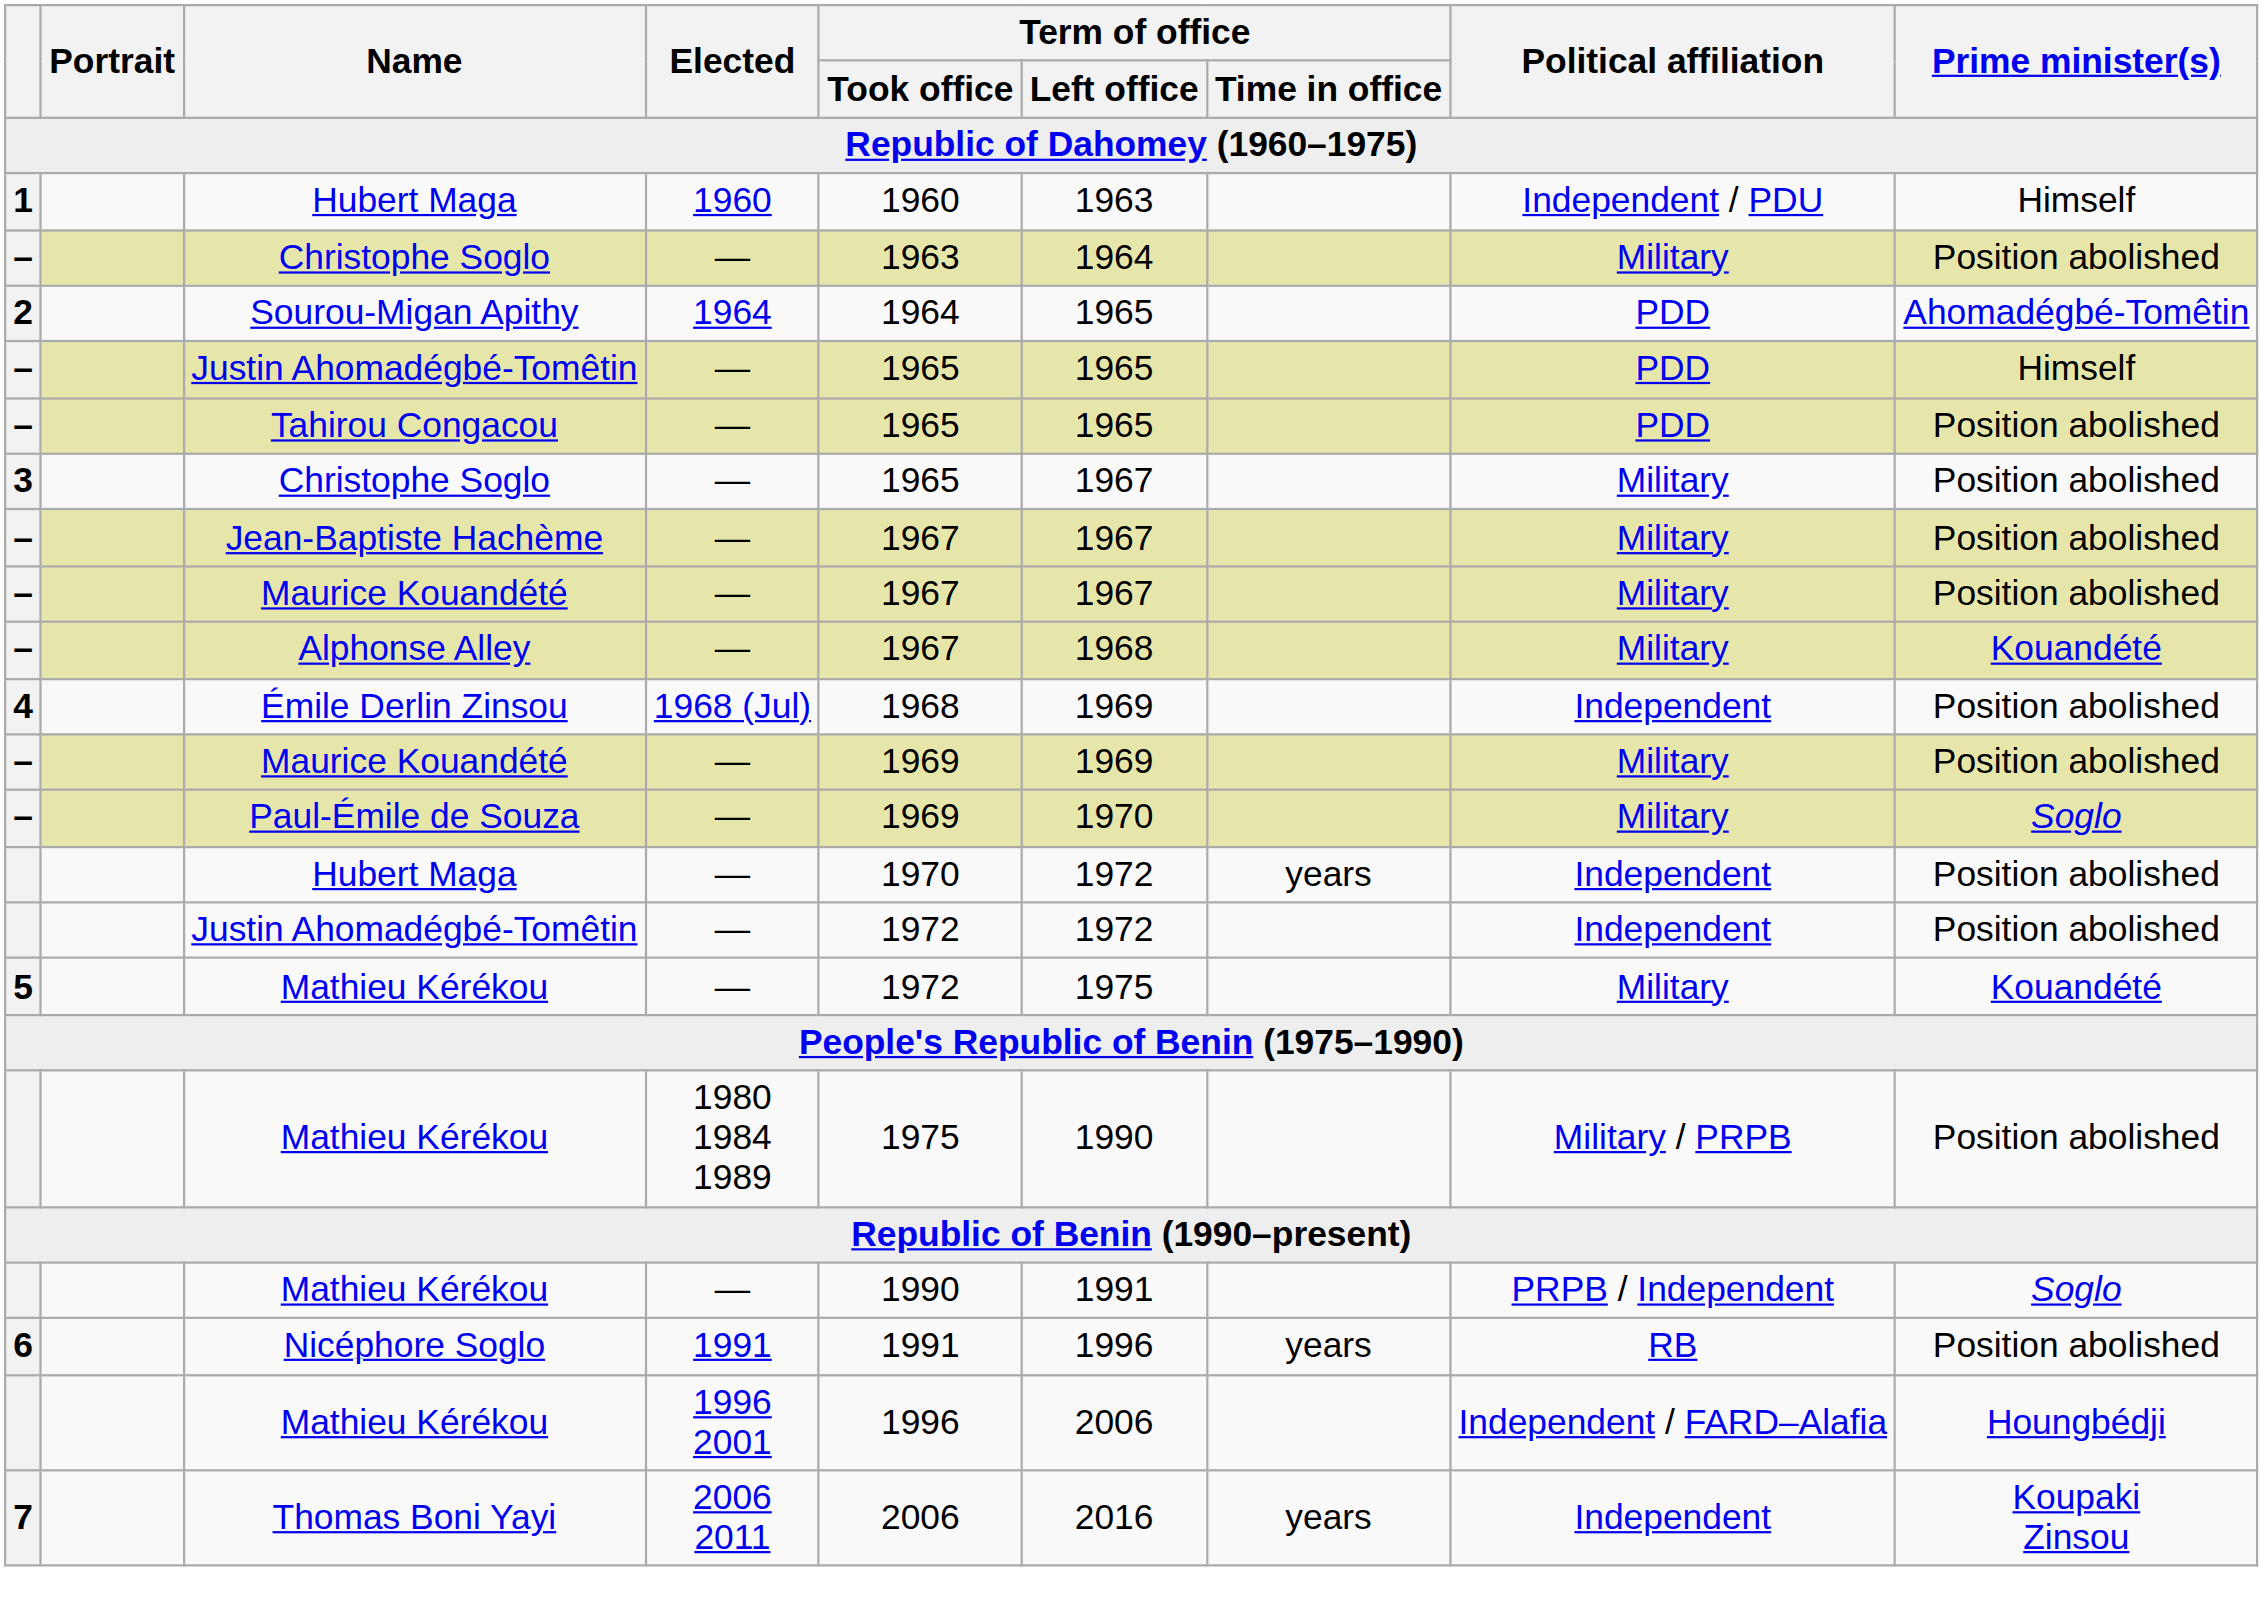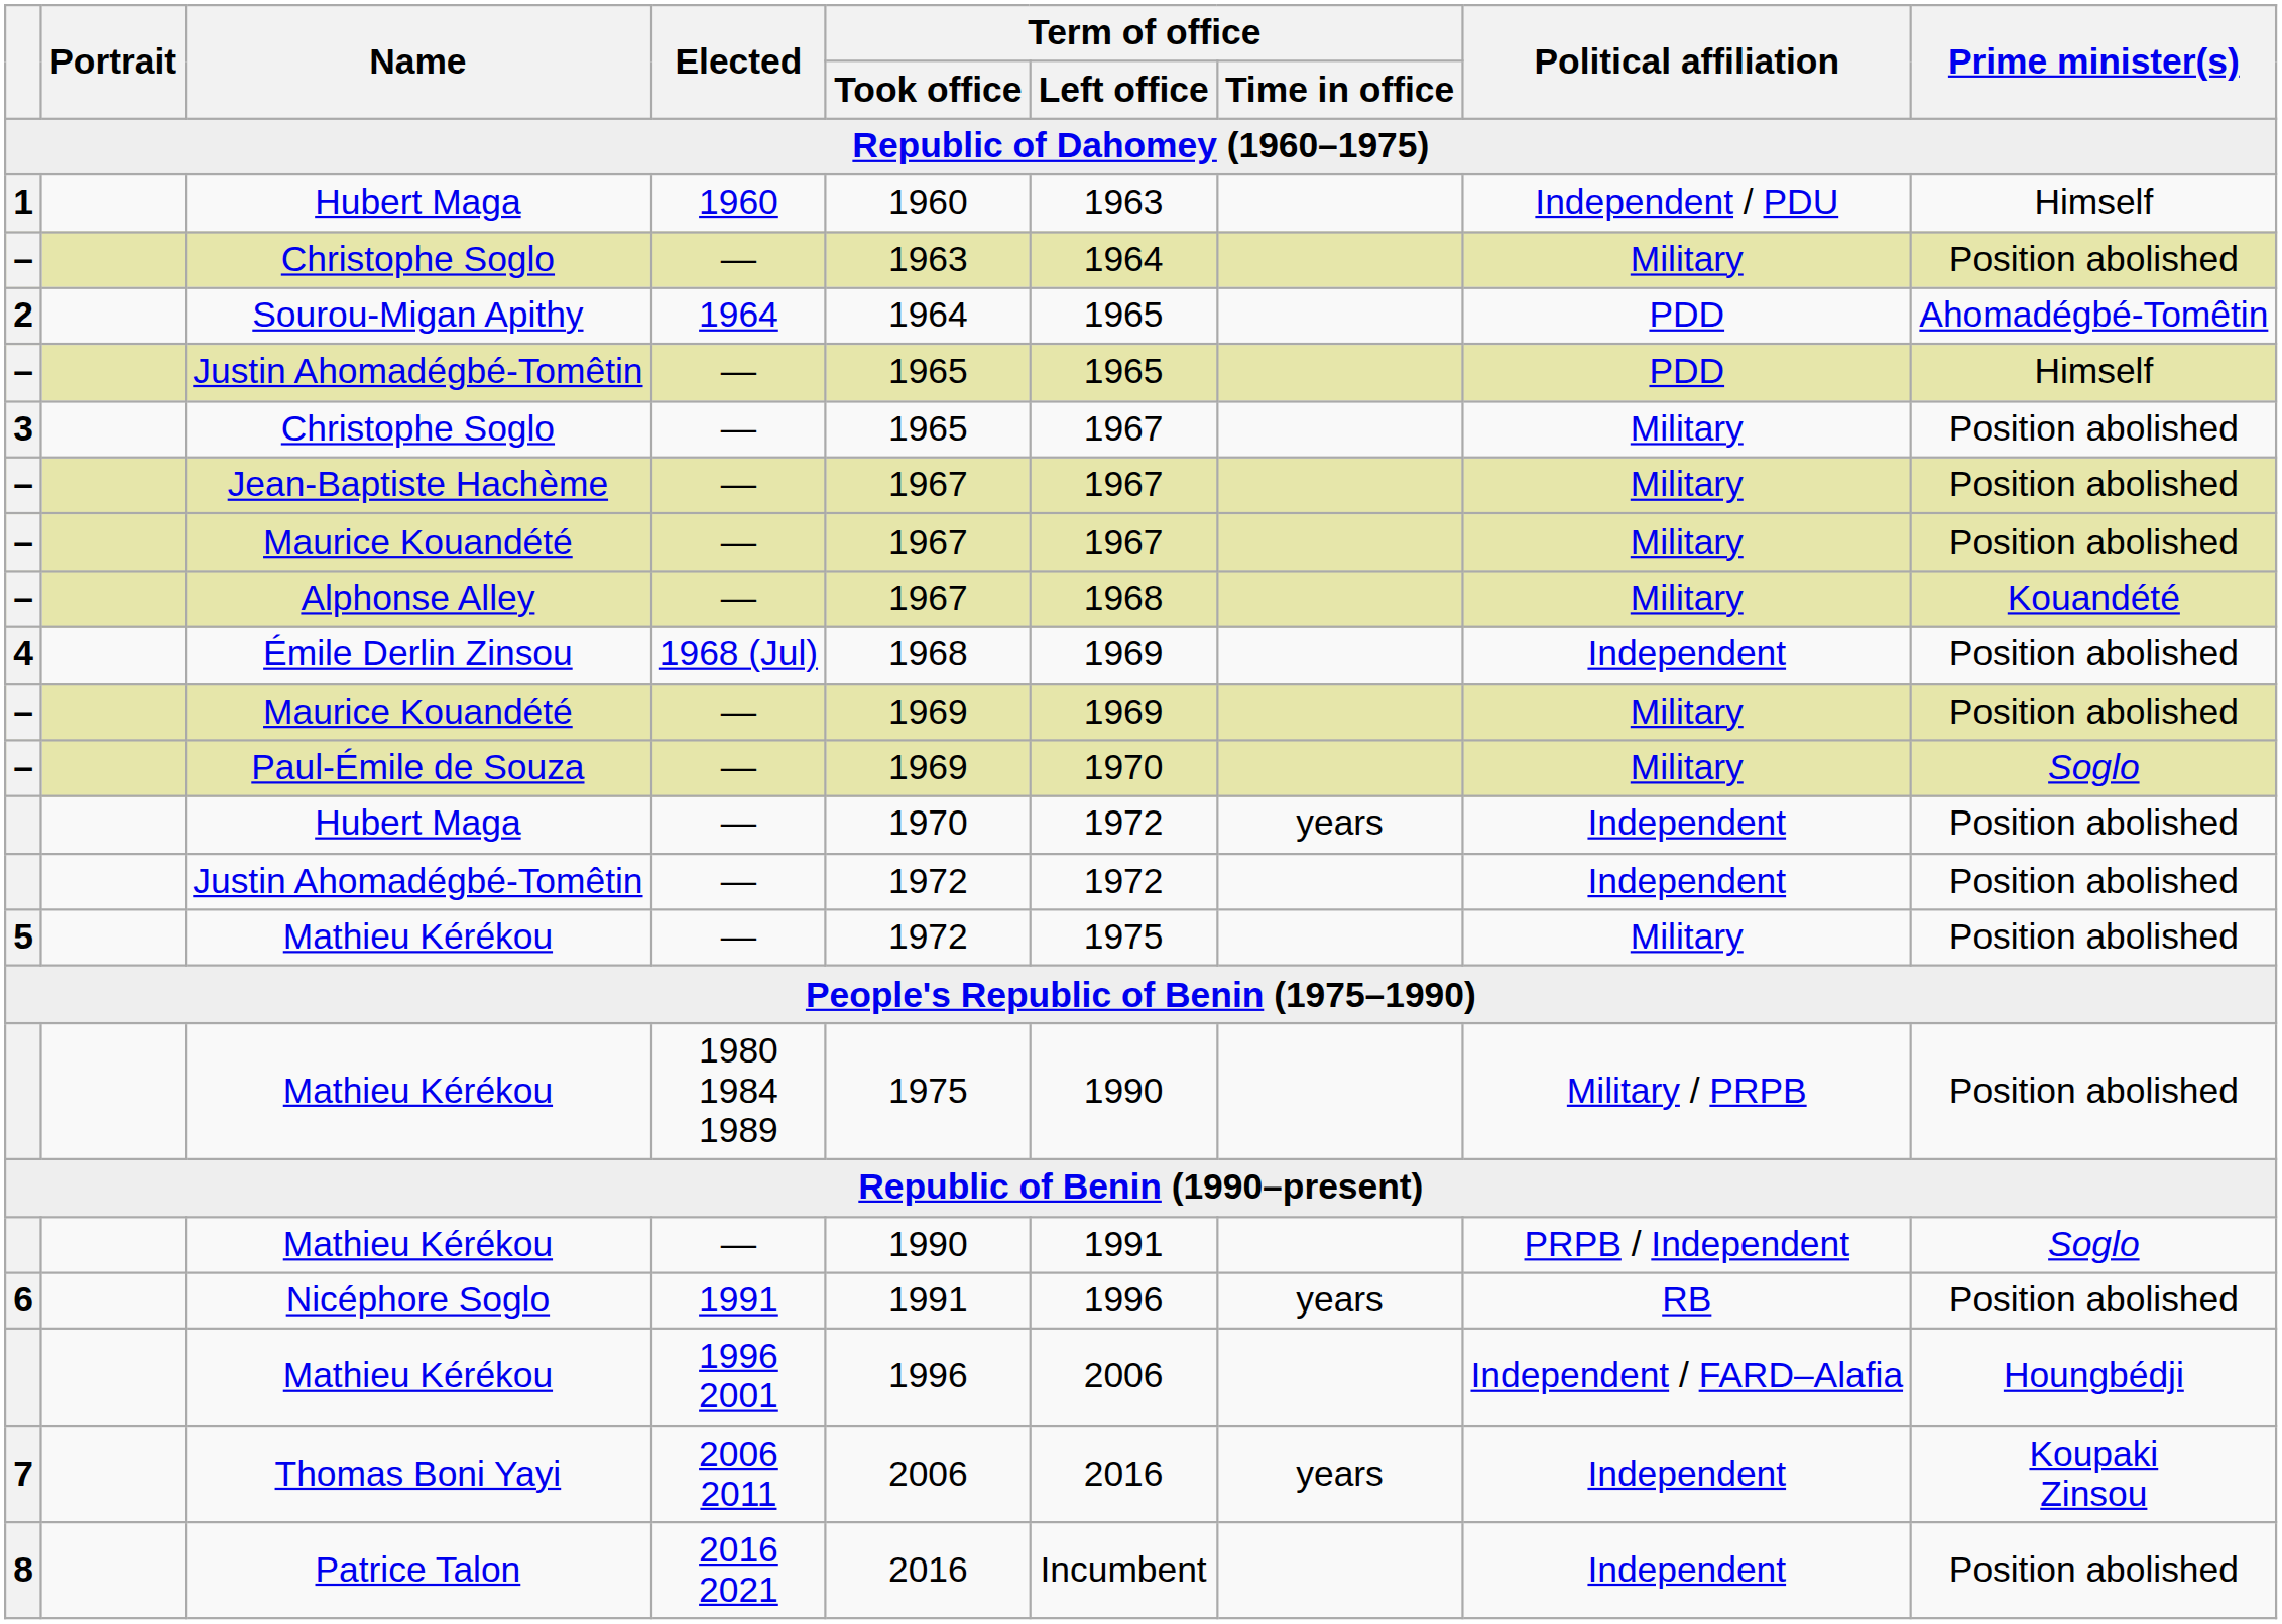 <table class="wikitable" style="text-align:center">
 <tr>
 <th rowspan="2"></th>
 <th rowspan="2">Portrait</th>
 <th rowspan="2">Name<br></th>
 <th rowspan="2">Elected</th>
 <th colspan="3">Term of office</th>
 <th rowspan="2">Political affiliation</th>
 <th rowspan="2"><a href='#'>Prime minister(s)</a></th>
 </tr>
 <tr>
 <th>Took office</th>
 <th>Left office</th>
 <th>Time in office</th>
 </tr>
 <tr bgcolor="#EEEEEE">
 <td colspan="9"><strong><a href='#'>Republic of Dahomey</a> (1960–1975)</strong></td>
 </tr>
 <tr>
 <th style="background:">1</th>
 <td></td>
 <td><a href='#'>Hubert Maga</a><br></td>
 <td><a href='#'>1960</a></td>
 <td> 1960</td>
 <td> 1963<br></td>
 <td></td>
 <td><a href='#'>Independent</a> / <a href='#'>PDU</a></td>
 <td>Himself</td>
 </tr>
 <tr style="background:#e6e6aa;">
 <th style="background:">–</th>
 <td></td>
 <td><a href='#'>Christophe Soglo</a><br></td>
 <td>—</td>
 <td> 1963</td>
 <td> 1964</td>
 <td></td>
 <td><a href='#'>Military</a></td>
 <td>Position abolished</td>
 </tr>
 <tr>
 <th style="background:">2</th>
 <td></td>
 <td><a href='#'>Sourou-Migan Apithy</a><br></td>
 <td><a href='#'>1964</a></td>
 <td> 1964</td>
 <td> 1965<br></td>
 <td></td>
 <td><a href='#'>PDD</a></td>
 <td><a href='#'>Ahomadégbé-Tomêtin</a></td>
 </tr>
 <tr style="background:#e6e6aa;">
 <th style="background:">–</th>
 <td></td>
 <td><a href='#'>Justin Ahomadégbé-Tomêtin</a><br></td>
 <td>—</td>
 <td> 1965</td>
 <td> 1965</td>
 <td></td>
 <td><a href='#'>PDD</a></td>
 <td>Himself</td>
-</tr>
-<tr style="background:#e6e6aa;">
-<th style="background:">–</th>
-<td></td>
-<td><a href='#'>Tahirou Congacou</a><br></td>
-<td>—</td>
-<td> 1965</td>
-<td> 1965<br></td>
-<td></td>
-<td><a href='#'>PDD</a></td>
-<td>Position abolished</td>
 </tr>
 <tr>
 <th style="background:">3</th>
 <td></td>
 <td><a href='#'>Christophe Soglo</a><br></td>
 <td>—</td>
 <td> 1965</td>
 <td> 1967<br></td>
 <td></td>
 <td><a href='#'>Military</a></td>
 <td>Position abolished</td>
 </tr>
 <tr style="background:#e6e6aa;">
 <th style="background:">–</th>
 <td></td>
 <td><a href='#'>Jean-Baptiste Hachème</a><br></td>
 <td>—</td>
 <td> 1967</td>
 <td> 1967</td>
 <td></td>
 <td><a href='#'>Military</a></td>
 <td>Position abolished</td>
 </tr>
 <tr style="background:#e6e6aa;">
 <th style="background:">–</th>
 <td></td>
 <td><a href='#'>Maurice Kouandété</a><br></td>
 <td>—</td>
 <td> 1967</td>
 <td> 1967</td>
 <td></td>
 <td><a href='#'>Military</a></td>
 <td>Position abolished</td>
 </tr>
 <tr style="background:#e6e6aa;">
 <th style="background:">–</th>
 <td></td>
 <td><a href='#'>Alphonse Alley</a><br></td>
 <td>—</td>
 <td> 1967</td>
 <td> 1968</td>
 <td></td>
 <td><a href='#'>Military</a></td>
 <td><a href='#'>Kouandété</a></td>
 </tr>
 <tr>
 <th style="background:">4</th>
 <td></td>
 <td><a href='#'>Émile Derlin Zinsou</a><br></td>
 <td><a href='#'>1968 (Jul)</a></td>
 <td> 1968</td>
 <td> 1969<br></td>
 <td></td>
 <td><a href='#'>Independent</a></td>
 <td>Position abolished</td>
 </tr>
 <tr style="background:#e6e6aa;">
 <th style="background:">–</th>
 <td></td>
 <td><a href='#'>Maurice Kouandété</a><br></td>
 <td>—</td>
 <td> 1969</td>
 <td> 1969</td>
 <td></td>
 <td><a href='#'>Military</a></td>
 <td>Position abolished</td>
 </tr>
 <tr style="background:#e6e6aa;">
 <th style="background:">–</th>
 <td></td>
 <td><a href='#'>Paul-Émile de Souza</a><br></td>
 <td>—</td>
 <td> 1969</td>
 <td> 1970</td>
 <td></td>
 <td><a href='#'>Military</a></td>
 <td><a href='#'><em>Soglo</em></a></td>
 </tr>
 <tr>
 <th style="background:"></th>
 <td></td>
 <td><a href='#'>Hubert Maga</a><br></td>
 <td>—</td>
 <td> 1970</td>
 <td> 1972</td>
 <td> years</td>
 <td><a href='#'>Independent</a></td>
 <td>Position abolished</td>
 </tr>
 <tr>
 <th style="background:"></th>
 <td></td>
 <td><a href='#'>Justin Ahomadégbé-Tomêtin</a><br></td>
 <td>—</td>
 <td> 1972</td>
 <td> 1972<br></td>
 <td></td>
 <td><a href='#'>Independent</a></td>
 <td>Position abolished</td>
 </tr>
 <tr>
 <th style="background:">5</th>
 <td></td>
 <td><a href='#'>Mathieu Kérékou</a><br></td>
 <td>—</td>
 <td> 1972</td>
 <td> 1975</td>
 <td></td>
 <td><a href='#'>Military</a></td>
-<td><a href='#'>Kouandété</a></td>
+<td>Position abolished</td>
 </tr>
 <tr bgcolor="#EEEEEE">
 <td colspan="9"><strong><a href='#'>People's Republic of Benin</a> (1975–1990)</strong></td>
 </tr>
 <tr>
 <th style="background:"></th>
 <td></td>
 <td><a href='#'>Mathieu Kérékou</a><br></td>
 <td>1980<br>1984<br>1989</td>
 <td> 1975</td>
 <td> 1990</td>
 <td></td>
 <td><a href='#'>Military</a> / <a href='#'>PRPB</a></td>
 <td>Position abolished</td>
 </tr>
 <tr bgcolor="#EEEEEE">
 <td colspan="9"><strong><a href='#'>Republic of Benin</a> (1990–present)</strong></td>
 </tr>
 <tr>
 <th style="background:"></th>
 <td></td>
 <td><a href='#'>Mathieu Kérékou</a><br></td>
 <td>—</td>
 <td> 1990</td>
 <td> 1991</td>
 <td></td>
 <td><a href='#'>PRPB</a> / <a href='#'>Independent</a></td>
 <td><a href='#'><em>Soglo</em></a></td>
 </tr>
 <tr>
 <th style="background:">6</th>
 <td></td>
 <td><a href='#'>Nicéphore Soglo</a><br></td>
 <td><a href='#'>1991</a></td>
 <td> 1991</td>
 <td> 1996</td>
 <td> years</td>
 <td><a href='#'>RB</a></td>
 <td>Position abolished</td>
 </tr>
 <tr>
 <th style="background:"></th>
 <td></td>
 <td><a href='#'>Mathieu Kérékou</a><br></td>
 <td><a href='#'>1996</a><br><a href='#'>2001</a></td>
 <td> 1996</td>
 <td> 2006</td>
 <td></td>
 <td><a href='#'>Independent</a> / <a href='#'>FARD–Alafia</a></td>
 <td><a href='#'>Houngbédji</a></td>
 </tr>
 <tr>
 <th style="background:">7</th>
 <td></td>
 <td><a href='#'>Thomas Boni Yayi</a><br></td>
 <td><a href='#'>2006</a><br><a href='#'>2011</a></td>
 <td> 2006</td>
 <td> 2016</td>
 <td> years</td>
 <td><a href='#'>Independent</a><br></td>
 <td><a href='#'>Koupaki</a><br><a href='#'>Zinsou</a></td>
 </tr>
+<tr>
+<th style="background:">8</th>
+<td></td>
+<td><a href='#'>Patrice Talon</a><br></td>
+<td><a href='#'>2016</a><br><a href='#'>2021</a></td>
+<td> 2016</td>
+<td>Incumbent</td>
+<td></td>
+<td><a href='#'>Independent</a><br></td>
+<td>Position abolished</td>
+</tr>
 </table>
